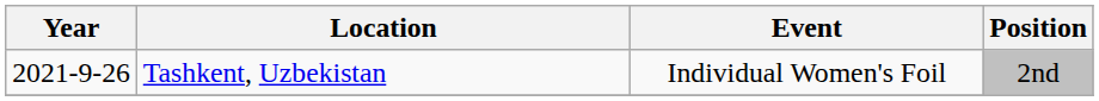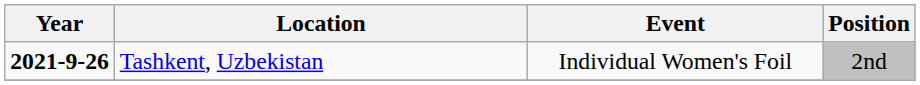 <table class="wikitable" style="text-align:center;">
 <tr>
 <th>Year</th>
 <th style="width:17em">Location</th>
 <th style="width:12em">Event</th>
 <th>Position</th>
 </tr>
 <tr>
-<td>2021-9-26</td>
+<td><strong>2021-9-26</strong></td>
 <td align="left"> <a href='#'>Tashkent</a>, <a href='#'>Uzbekistan</a></td>
 <td>Individual Women's Foil</td>
 <td bgcolor="silver">2nd</td>
 </tr>
 <tr>
 </tr>
 </table>
